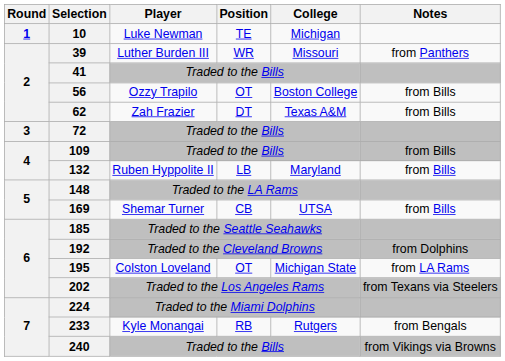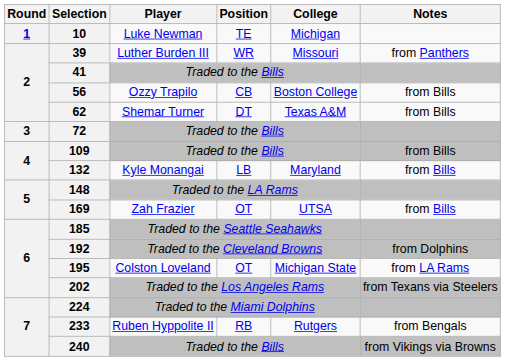 <table class="wikitable" style="text-align:center">
 <tr>
 <th>Round</th>
 <th>Selection</th>
 <th>Player</th>
 <th>Position</th>
 <th>College</th>
 <th>Notes</th>
 </tr>
 <tr>
 <th><a href='#'>1</a></th>
 <th>10</th>
 <td><a href='#'>Luke Newman</a></td>
 <td><a href='#'>TE</a></td>
 <td><a href='#'>Michigan</a></td>
 <td></td>
 </tr>
 <tr>
 <th rowspan=4>2</th>
 <th>39</th>
 <td><a href='#'>Luther Burden III</a></td>
 <td><a href='#'>WR</a></td>
 <td><a href='#'>Missouri</a></td>
 <td>from <a href='#'>Panthers</a></td>
 </tr>
 <tr>
 <th>41</th>
 <td colspan="3" style="background:#BFBFBF"><em>Traded to the <a href='#'>Bills</a></em></td>
 <td style="background:#BFBFBF"></td>
 </tr>
 <tr>
 <th>56</th>
 <td><a href='#'>Ozzy Trapilo</a></td>
-<td><a href='#'>OT</a></td>
+<td><a href='#'>CB</a></td>
 <td><a href='#'>Boston College</a></td>
 <td>from Bills</td>
 </tr>
 <tr>
 <th>62</th>
-<td><a href='#'>Zah Frazier</a></td>
+<td><a href='#'>Shemar Turner</a></td>
 <td><a href='#'>DT</a></td>
 <td><a href='#'>Texas A&M</a></td>
 <td>from Bills</td>
 </tr>
 <tr>
 <th>3</th>
 <th>72</th>
 <td colspan="3" style="background:#BFBFBF"><em>Traded to the <a href='#'>Bills</a></em></td>
 <td style="background:#BFBFBF"></td>
 </tr>
 <tr>
 <th rowspan=2>4</th>
 <th>109</th>
 <td colspan="3" style="background:#BFBFBF"><em>Traded to the <a href='#'>Bills</a></em></td>
 <td style="background:#BFBFBF">from Bills</td>
 </tr>
 <tr>
 <th>132</th>
-<td><a href='#'>Ruben Hyppolite II</a></td>
+<td><a href='#'>Kyle Monangai</a></td>
 <td><a href='#'>LB</a></td>
 <td><a href='#'>Maryland</a></td>
 <td>from <a href='#'>Bills</a></td>
 </tr>
 <tr>
 <th rowspan=2>5</th>
 <th>148</th>
 <td colspan="3" style="background:#BFBFBF"><em>Traded to the <a href='#'>LA Rams</a></em></td>
 <td style="background:#BFBFBF"></td>
 </tr>
 <tr>
 <th>169</th>
-<td><a href='#'>Shemar Turner</a></td>
-<td><a href='#'>CB</a></td>
+<td><a href='#'>Zah Frazier</a></td>
+<td><a href='#'>OT</a></td>
 <td><a href='#'>UTSA</a></td>
 <td>from <a href='#'>Bills</a></td>
 </tr>
 <tr>
 <th rowspan="4">6</th>
 <th>185</th>
 <td colspan="3" style="background:#BFBFBF"><em>Traded to the <a href='#'>Seattle Seahawks</a></em></td>
 <td style="background:#BFBFBF"></td>
 </tr>
 <tr>
 <th>192</th>
 <td colspan="3" style="background:#BFBFBF"><em>Traded to the <a href='#'>Cleveland Browns</a></em></td>
 <td style="background:#BFBFBF">from Dolphins</td>
 </tr>
 <tr>
 <th>195</th>
 <td><a href='#'>Colston Loveland</a></td>
 <td><a href='#'>OT</a></td>
 <td><a href='#'>Michigan State</a></td>
 <td>from <a href='#'>LA Rams</a></td>
 </tr>
 <tr>
 <th>202</th>
 <td colspan="3" style="background:#BFBFBF"><em>Traded to the <a href='#'>Los Angeles Rams</a></em></td>
 <td style="background:#BFBFBF">from Texans via Steelers</td>
 </tr>
 <tr>
 <th rowspan="3">7</th>
 <th>224</th>
 <td colspan="3" style="background:#BFBFBF"><em>Traded to the <a href='#'>Miami Dolphins</a></em></td>
 <td style="background:#BFBFBF"></td>
 </tr>
 <tr>
 <th>233</th>
-<td><a href='#'>Kyle Monangai</a></td>
+<td><a href='#'>Ruben Hyppolite II</a></td>
 <td><a href='#'>RB</a></td>
 <td><a href='#'>Rutgers</a></td>
 <td>from Bengals</td>
 </tr>
 <tr>
 <th>240</th>
 <td colspan="3" style="background:#BFBFBF"><em>Traded to the <a href='#'>Bills</a></em></td>
 <td style="background:#BFBFBF">from Vikings via Browns</td>
 </tr>
 </table>
